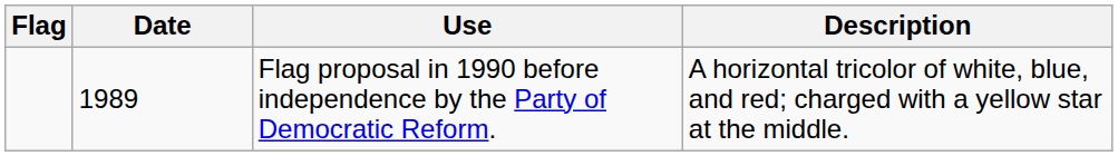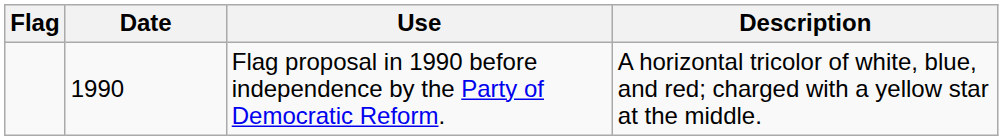 <table class="wikitable">
 <tr>
 <th>Flag</th>
 <th style="width:100px;">Date</th>
 <th style="width:250px;">Use</th>
 <th style="width:250px;">Description</th>
 </tr>
 <tr>
 <td></td>
-<td>1989</td>
+<td>1990</td>
 <td>Flag proposal in 1990 before independence by the <a href='#'>Party of Democratic Reform</a>.</td>
 <td>A horizontal tricolor of white, blue, and red; charged with a yellow star at the middle.</td>
 </tr>
 </table>
